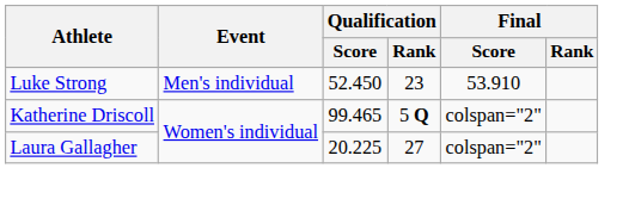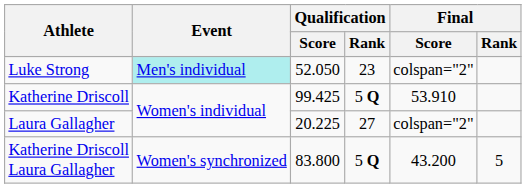 <table class="wikitable" style="font-size:90%">
 <tr>
 <th rowspan=2>Athlete</th>
 <th rowspan=2>Event</th>
 <th colspan=2>Qualification</th>
 <th colspan=2>Final</th>
 </tr>
 <tr style="font-size:95%">
 <th>Score</th>
 <th>Rank</th>
 <th>Score</th>
 <th>Rank</th>
 </tr>
 <tr align=center>
 <td align=left><a href='#'>Luke Strong</a></td>
-<td align=left><a href='#'>Men's individual</a></td>
-<td>52.450</td>
+<td align=left style="background: paleturquoise;"><a href='#'>Men's individual</a></td>
+<td>52.050</td>
 <td>23</td>
-<td>53.910</td>
+<td>colspan="2" </td>
 </tr>
 <tr align=center>
 <td align=left><a href='#'>Katherine Driscoll</a></td>
 <td style="text-align:left;" rowspan="2"><a href='#'>Women's individual</a></td>
-<td>99.465</td>
+<td>99.425</td>
 <td>5 <strong>Q</strong></td>
-<td>colspan="2" </td>
+<td>53.910</td>
 <td></td>
 </tr>
 <tr align=center>
 <td align=left><a href='#'>Laura Gallagher</a></td>
 <td>20.225</td>
 <td>27</td>
 <td>colspan="2" </td>
 </tr>
+<tr align=center>
+<td align=left><a href='#'>Katherine Driscoll</a><br><a href='#'>Laura Gallagher</a></td>
+<td align=left><a href='#'>Women's synchronized</a></td>
+<td>83.800</td>
+<td>5 <strong>Q</strong></td>
+<td>43.200</td>
+<td>5</td>
+</tr>
 </table>
